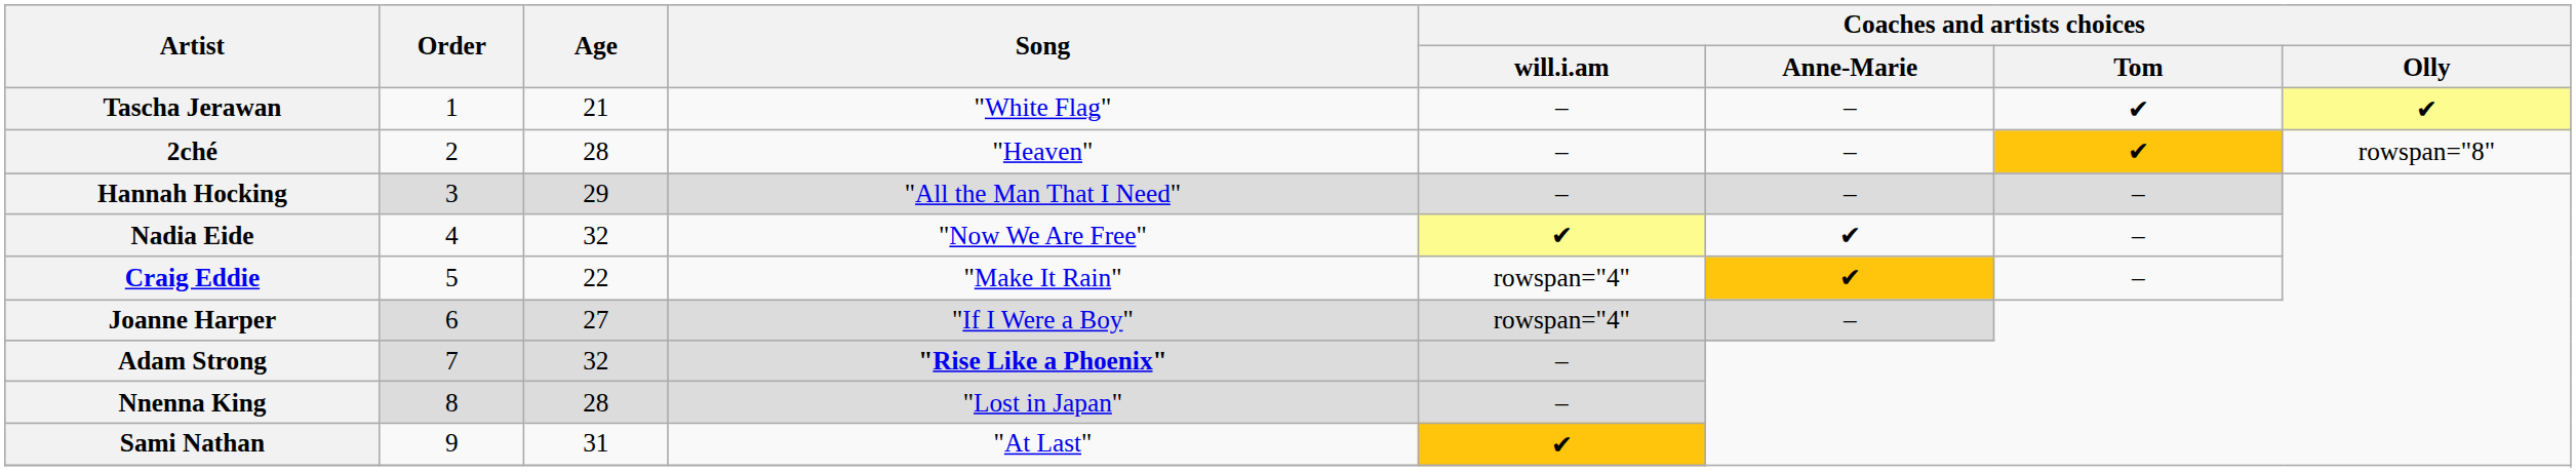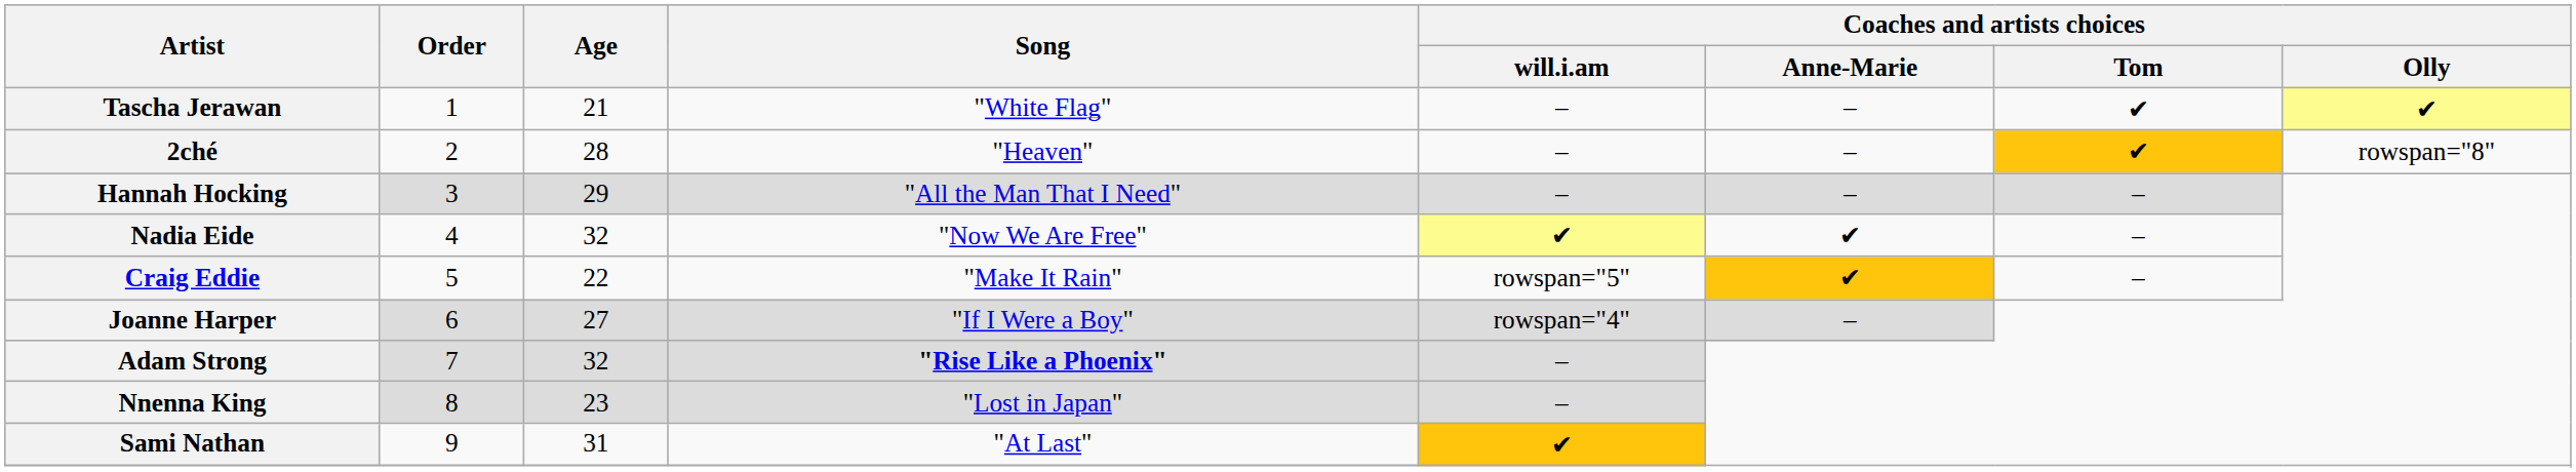 <table class="wikitable" style="text-align:center; width:100%">
 <tr>
 <th scope="col" rowspan="2" style="width:13%">Artist</th>
 <th scope="col" rowspan="2" style="width:05%">Order</th>
 <th scope="col" rowspan="2" style="width:05%">Age</th>
 <th scope="col" rowspan="2" style="width:26%">Song</th>
 <th scope="row" colspan="4" style="width:40%">Coaches and artists choices</th>
 </tr>
 <tr>
 <th style="width:10%">will.i.am</th>
 <th style="width:10%">Anne-Marie</th>
 <th style="width:10%">Tom</th>
 <th style="width:10%">Olly</th>
 </tr>
 <tr>
 <th scope="row">Tascha Jerawan</th>
 <td>1</td>
 <td>21</td>
 <td>"<a href='#'>White Flag</a>"</td>
 <td>–</td>
 <td>–</td>
 <td>✔</td>
 <td style="background:#fdfc8f">✔</td>
 </tr>
 <tr>
 <th scope="row">2ché</th>
 <td>2</td>
 <td>28</td>
 <td>"<a href='#'>Heaven</a>"</td>
 <td>–</td>
 <td>–</td>
 <td style="background:#ffc40c">✔</td>
 <td>rowspan="8" </td>
 </tr>
 <tr style="background:#DCDCDC">
 <th scope="row">Hannah Hocking</th>
 <td>3</td>
 <td>29</td>
 <td>"<a href='#'>All the Man That I Need</a>"</td>
 <td>–</td>
 <td>–</td>
 <td>–</td>
 </tr>
 <tr>
 <th scope="row">Nadia Eide</th>
 <td>4</td>
 <td>32</td>
 <td>"<a href='#'>Now We Are Free</a>"</td>
 <td style="background:#fdfc8f">✔</td>
 <td>✔</td>
 <td>–</td>
 </tr>
 <tr>
 <th scope="row"><a href='#'>Craig Eddie</a></th>
 <td>5</td>
 <td>22</td>
 <td>"<a href='#'>Make It Rain</a>"</td>
-<td>rowspan="4" </td>
+<td>rowspan="5" </td>
 <td style="background:#ffc40c">✔</td>
 <td>–</td>
 </tr>
 <tr style="background:#DCDCDC">
 <th scope="row">Joanne Harper</th>
 <td>6</td>
 <td>27</td>
 <td>"<a href='#'>If I Were a Boy</a>"</td>
 <td>rowspan="4" </td>
 <td>–</td>
 </tr>
 <tr style="background:#DCDCDC">
 <th scope="row">Adam Strong</th>
 <td>7</td>
 <td>32</td>
 <td><strong>"<a href='#'>Rise Like a Phoenix</a>"</strong></td>
 <td>–</td>
 </tr>
 <tr style="background:#DCDCDC">
 <th scope="row">Nnenna King</th>
 <td>8</td>
-<td>28</td>
+<td>23</td>
 <td>"<a href='#'>Lost in Japan</a>"</td>
 <td>–</td>
 </tr>
 <tr>
 <th scope="row">Sami Nathan</th>
 <td>9</td>
 <td>31</td>
 <td>"<a href='#'>At Last</a>"</td>
 <td style="background:#ffc40c">✔</td>
 </tr>
 <tr>
 </tr>
 </table>
